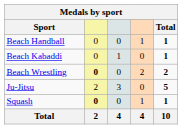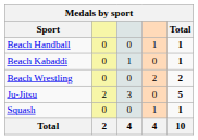 <table class="wikitable" style="font-size:90%; text-align:center;">
 <tr>
 <th colspan=5>Medals by sport</th>
 </tr>
 <tr>
 <th width=120>Sport</th>
 <th scope="col" width=30 style="background:#F7F6A8;"></th>
 <th scope="col" width=30 style="background:#DCE5E5;"></th>
 <th scope="col" width=30 style="background:#FFDAB9;"></th>
 <th width=30>Total</th>
 </tr>
 <tr>
 <td align=left> <a href='#'>Beach Handball</a></td>
 <td style="background:#F7F6A8;">0</td>
 <td style="background:#DCE5E5;">0</td>
 <td style="background:#FFDAB9;">1</td>
 <td><strong>1</strong></td>
 </tr>
 <tr>
 <td align=left> <a href='#'>Beach Kabaddi</a></td>
 <td style="background:#F7F6A8;">0</td>
 <td style="background:#DCE5E5;">1</td>
 <td style="background:#FFDAB9;">0</td>
 <td><strong>1</strong></td>
 </tr>
 <tr>
 <td align=left> <a href='#'>Beach Wrestling</a></td>
-<td style="background:#F7F6A8;"><strong>0</strong></td>
+<td style="background:#F7F6A8;">0</td>
 <td style="background:#DCE5E5;">0</td>
 <td style="background:#FFDAB9;">2</td>
 <td><strong>2</strong></td>
 </tr>
 <tr>
 <td align=left> <a href='#'>Ju-Jitsu</a></td>
 <td style="background:#F7F6A8;">2</td>
 <td style="background:#DCE5E5;">3</td>
 <td style="background:#FFDAB9;">0</td>
 <td><strong>5</strong></td>
 </tr>
 <tr>
 <td align=left> <a href='#'>Squash</a></td>
-<td style="background:#F7F6A8;"><strong>0</strong></td>
+<td style="background:#F7F6A8;">0</td>
 <td style="background:#DCE5E5;">0</td>
 <td style="background:#FFDAB9;">1</td>
 <td><strong>1</strong></td>
 </tr>
 <tr class="sortbottom">
 <th>Total</th>
 <th>2</th>
 <th>4</th>
 <th>4</th>
 <th>10</th>
 </tr>
 </table>
